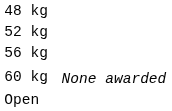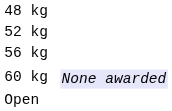 <table>
 <tr>
 <td rowspan=2>48 kg</td>
 <td rowspan=2></td>
 <td rowspan=2></td>
 <td></td>
 </tr>
 <tr>
 <td></td>
 </tr>
 <tr>
 <td rowspan=2>52 kg</td>
 <td rowspan=2></td>
 <td rowspan=2></td>
 <td></td>
 </tr>
 <tr>
 <td></td>
 </tr>
 <tr>
 <td rowspan=2>56 kg</td>
 <td rowspan=2></td>
 <td rowspan=2></td>
 <td></td>
 </tr>
 <tr>
 <td></td>
 </tr>
 <tr>
 <td rowspan=2>60 kg</td>
 <td rowspan=2></td>
 <td rowspan=2></td>
 <td></td>
 </tr>
 <tr>
-<td><em>None awarded</em></td>
+<td style="background: lavender;"><em>None awarded</em></td>
 </tr>
 <tr>
 <td rowspan=2>Open</td>
 <td rowspan=2></td>
 <td rowspan=2></td>
 <td></td>
 </tr>
 <tr>
 <td></td>
 </tr>
 </table>
